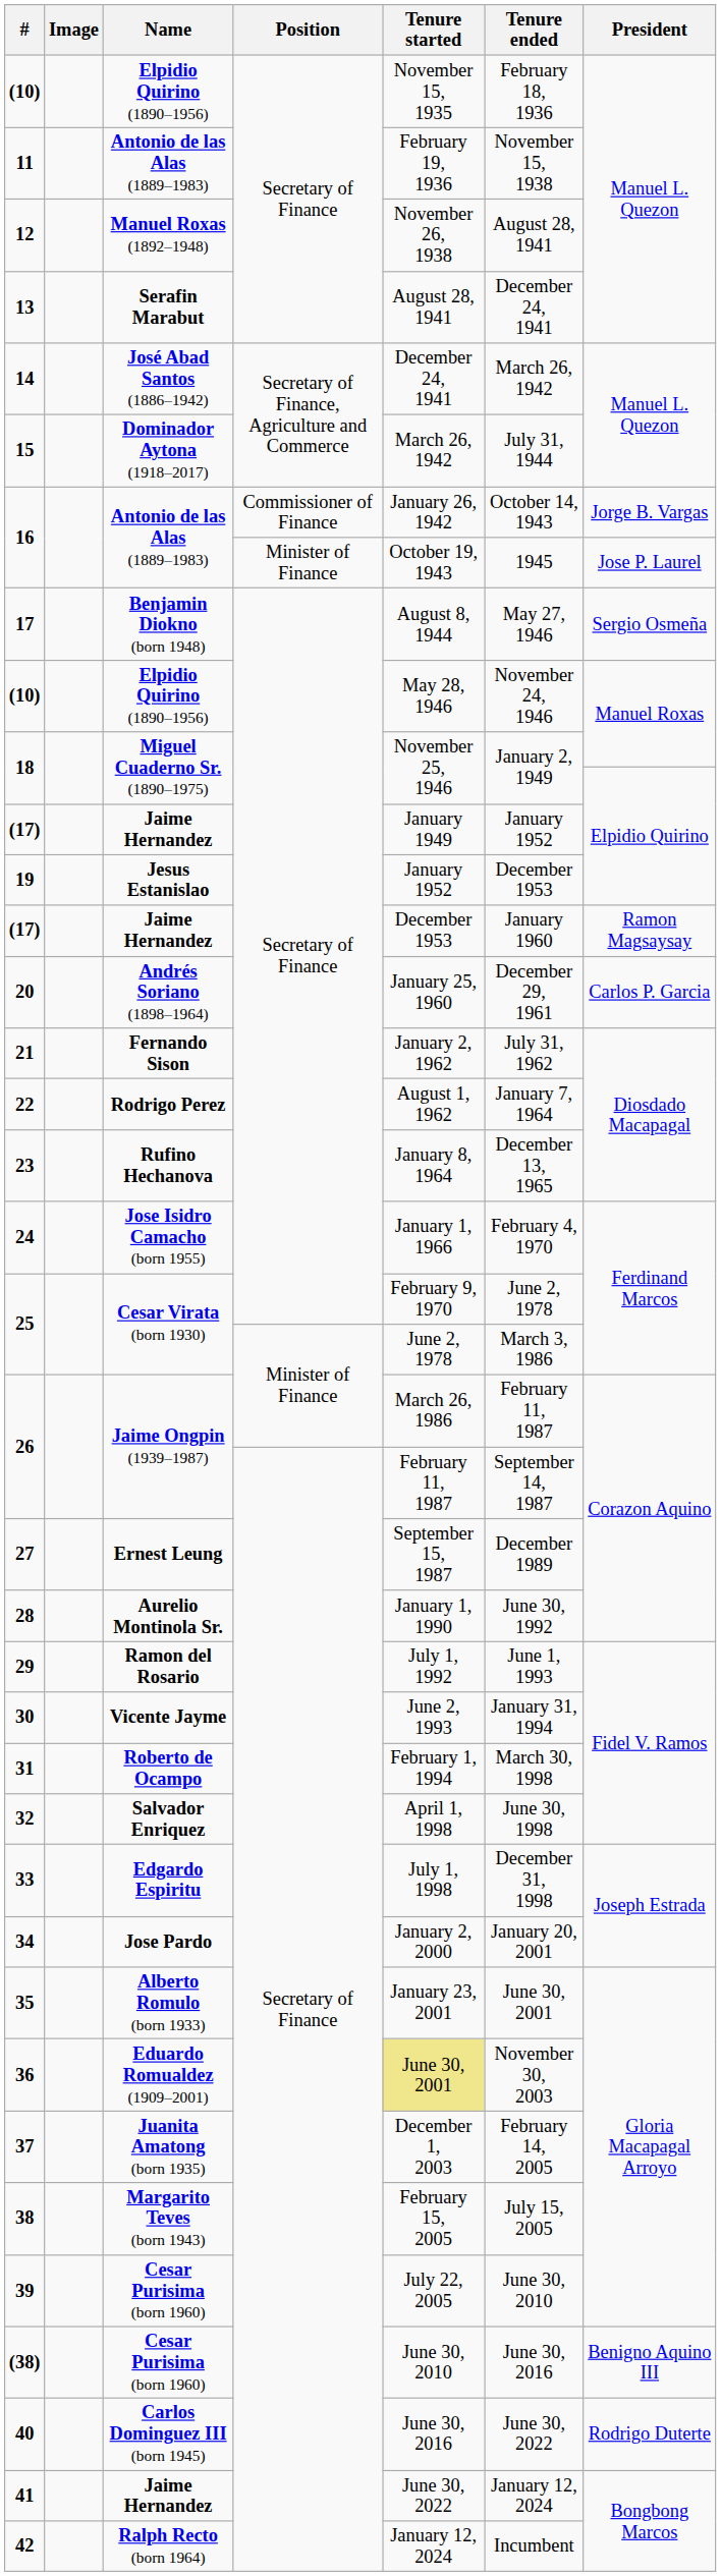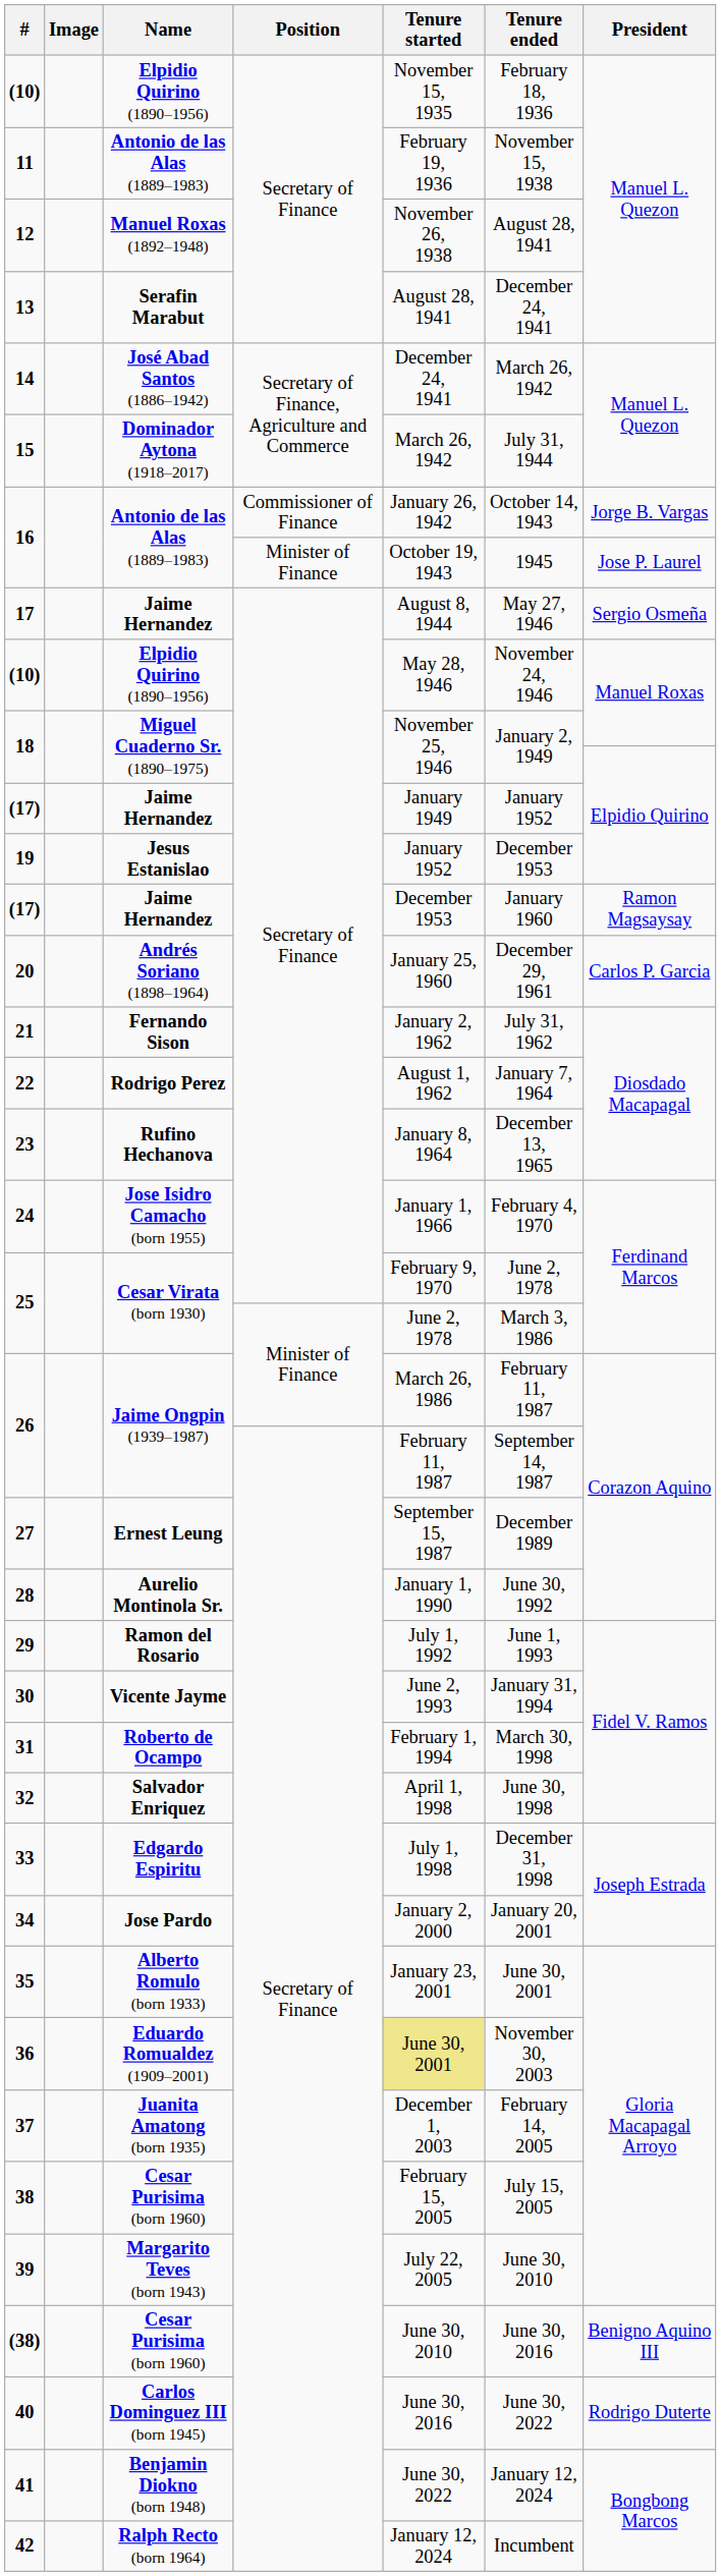 <table class="wikitable" style="text-align:center; border:1px #aaf solid;">
 <tr>
 <th>#</th>
 <th>Image</th>
 <th>Name</th>
 <th width=120px>Position</th>
 <th>Tenure started</th>
 <th>Tenure ended</th>
 <th>President</th>
 </tr>
 <tr>
 <td><strong>(10)</strong></td>
 <td></td>
 <td><strong><a href='#'>Elpidio Quirino</a></strong><br><small>(1890–1956)</small></td>
 <td rowspan="4">Secretary of Finance</td>
 <td>November 15,<br>1935</td>
 <td>February 18,<br>1936</td>
 <td rowspan="4"><a href='#'>Manuel L. Quezon</a></td>
 </tr>
 <tr>
 <td><strong>11</strong></td>
 <td></td>
 <td><strong><a href='#'>Antonio de las Alas</a></strong><br><small>(1889–1983)</small></td>
 <td>February 19,<br>1936</td>
 <td>November 15,<br>1938</td>
 </tr>
 <tr>
 <td><strong>12</strong></td>
 <td></td>
 <td><strong><a href='#'>Manuel Roxas</a></strong><br><small>(1892–1948)</small></td>
 <td>November 26,<br>1938</td>
 <td>August 28,<br>1941</td>
 </tr>
 <tr>
 <td><strong>13</strong></td>
 <td></td>
 <td><strong>Serafin Marabut</strong></td>
 <td>August 28,<br>1941</td>
 <td>December 24,<br>1941</td>
 </tr>
 <tr>
 <td><strong>14</strong></td>
 <td></td>
 <td><strong><a href='#'>José Abad Santos</a></strong><br><small>(1886–1942)</small><br></td>
 <td rowspan="2">Secretary of Finance, Agriculture and Commerce</td>
 <td>December 24,<br>1941</td>
 <td>March 26,<br>1942</td>
 <td rowspan="2"><a href='#'>Manuel L. Quezon</a></td>
 </tr>
 <tr>
 <td><strong>15</strong></td>
 <td></td>
 <td><strong><a href='#'>Dominador Aytona</a></strong><br><small>(1918–2017)</small></td>
 <td>March 26,<br>1942</td>
 <td>July 31,<br>1944</td>
 </tr>
 <tr>
 <td rowspan="2"><strong>16</strong></td>
 <td rowspan="2"></td>
 <td rowspan="2"><strong><a href='#'>Antonio de las Alas</a></strong><br><small>(1889–1983)</small><br></td>
 <td>Commissioner of Finance</td>
 <td>January 26,<br>1942</td>
 <td>October 14,<br>1943</td>
 <td><a href='#'>Jorge B. Vargas</a></td>
 </tr>
 <tr>
 <td>Minister of Finance</td>
 <td>October 19,<br>1943</td>
 <td>1945</td>
 <td><a href='#'>Jose P. Laurel</a></td>
 </tr>
 <tr style="height:30px;">
 <td><strong>17</strong></td>
 <td></td>
-<td><strong><a href='#'>Benjamin Diokno</a></strong><br><small>(born 1948)</small></td>
+<td><strong>Jaime Hernandez</strong></td>
 <td rowspan="14">Secretary of Finance</td>
 <td>August 8,<br>1944</td>
 <td>May 27,<br>1946</td>
 <td><a href='#'>Sergio Osmeña</a></td>
 </tr>
 <tr>
 <td><strong>(10)</strong></td>
 <td></td>
 <td><strong><a href='#'>Elpidio Quirino</a></strong><br><small>(1890–1956)</small></td>
 <td>May 28,<br>1946</td>
 <td>November 24,<br>1946</td>
 <td rowspan="2"><a href='#'>Manuel Roxas</a></td>
 </tr>
 <tr style="height:30px;">
 <td rowspan="2"><strong>18</strong></td>
 <td rowspan="2"></td>
 <td rowspan="2"><strong><a href='#'>Miguel Cuaderno Sr.</a></strong><br><small>(1890–1975)</small></td>
 <td rowspan="2">November 25,<br>1946</td>
 <td rowspan="2">January 2,<br>1949</td>
 </tr>
 <tr>
 <td rowspan="3"><a href='#'>Elpidio Quirino</a></td>
 </tr>
 <tr>
 <td><strong>(17)</strong></td>
 <td></td>
 <td><strong>Jaime Hernandez</strong></td>
 <td>January<br>1949</td>
 <td>January<br>1952</td>
 </tr>
 <tr>
 <td><strong>19</strong></td>
 <td></td>
 <td><strong>Jesus Estanislao</strong></td>
 <td>January<br>1952</td>
 <td>December<br>1953</td>
 </tr>
 <tr>
 <td rowspan="2"><strong>(17)</strong></td>
 <td rowspan="2"></td>
 <td rowspan="2"><strong>Jaime Hernandez</strong></td>
 <td rowspan="2">December<br>1953</td>
 <td rowspan="2">January<br>1960</td>
 <td><a href='#'>Ramon Magsaysay</a></td>
 </tr>
 <tr>
 <td rowspan="2"><a href='#'>Carlos P. Garcia</a></td>
 </tr>
 <tr>
 <td><strong>20</strong></td>
 <td></td>
 <td><strong><a href='#'>Andrés Soriano</a></strong><br><small>(1898–1964)</small><br></td>
 <td>January 25,<br>1960</td>
 <td>December 29,<br>1961</td>
 </tr>
 <tr>
 <td><strong>21</strong></td>
 <td></td>
 <td><strong>Fernando Sison</strong></td>
 <td>January 2,<br>1962</td>
 <td>July 31,<br>1962</td>
 <td rowspan="3"><a href='#'>Diosdado Macapagal</a></td>
 </tr>
 <tr>
 <td><strong>22</strong></td>
 <td></td>
 <td><strong>Rodrigo Perez</strong></td>
 <td>August 1,<br>1962</td>
 <td>January 7,<br>1964</td>
 </tr>
 <tr>
 <td><strong>23</strong></td>
 <td></td>
 <td><strong>Rufino Hechanova</strong></td>
 <td>January 8,<br>1964</td>
 <td>December 13,<br>1965</td>
 </tr>
 <tr>
 <td><strong>24</strong></td>
 <td></td>
 <td><strong><a href='#'>Jose Isidro Camacho</a></strong><br><small>(born 1955)</small></td>
 <td>January 1,<br>1966</td>
 <td>February 4,<br>1970</td>
 <td rowspan="3"><a href='#'>Ferdinand Marcos</a></td>
 </tr>
 <tr>
 <td rowspan="2"><strong>25</strong></td>
 <td rowspan="2"></td>
 <td rowspan="2"><strong><a href='#'>Cesar Virata</a></strong><br><small>(born 1930)</small></td>
 <td>February 9,<br>1970</td>
 <td>June 2,<br>1978</td>
 </tr>
 <tr>
 <td rowspan="2">Minister of Finance</td>
 <td>June 2,<br>1978</td>
 <td>March 3,<br>1986</td>
 </tr>
 <tr>
 <td rowspan="2"><strong>26</strong></td>
 <td rowspan="2"></td>
 <td rowspan="2"><strong><a href='#'>Jaime Ongpin</a></strong><br><small>(1939–1987)</small></td>
 <td>March 26,<br>1986</td>
 <td>February 11,<br>1987</td>
 <td rowspan="4"><a href='#'>Corazon Aquino</a></td>
 </tr>
 <tr>
 <td rowspan="18">Secretary of Finance</td>
 <td>February 11,<br>1987</td>
 <td>September 14,<br>1987</td>
 </tr>
 <tr>
 <td><strong>27</strong></td>
 <td></td>
 <td><strong>Ernest Leung</strong></td>
 <td>September 15,<br>1987</td>
 <td>December<br>1989</td>
 </tr>
 <tr>
 <td><strong>28</strong></td>
 <td></td>
 <td><strong>Aurelio Montinola Sr.</strong></td>
 <td>January 1,<br>1990</td>
 <td>June 30,<br>1992</td>
 </tr>
 <tr>
 <td><strong>29</strong></td>
 <td></td>
 <td><strong>Ramon del Rosario</strong></td>
 <td>July 1,<br>1992</td>
 <td>June 1,<br>1993</td>
 <td rowspan="4"><a href='#'>Fidel V. Ramos</a></td>
 </tr>
 <tr>
 <td><strong>30</strong></td>
 <td></td>
 <td><strong>Vicente Jayme</strong></td>
 <td>June 2,<br>1993</td>
 <td>January 31,<br>1994</td>
 </tr>
 <tr>
 <td><strong>31</strong></td>
 <td></td>
 <td><strong><a href='#'>Roberto de Ocampo</a></strong></td>
 <td>February 1,<br>1994</td>
 <td>March 30,<br>1998</td>
 </tr>
 <tr>
 <td><strong>32</strong></td>
 <td></td>
 <td><strong>Salvador Enriquez</strong></td>
 <td>April 1,<br>1998</td>
 <td>June 30,<br>1998</td>
 </tr>
 <tr style="height:30px;">
 <td><strong>33</strong></td>
 <td></td>
 <td><strong><a href='#'>Edgardo Espiritu</a></strong></td>
 <td>July 1,<br>1998</td>
 <td>December 31,<br>1998</td>
 <td rowspan="2"><a href='#'>Joseph Estrada</a></td>
 </tr>
 <tr>
 <td><strong>34</strong></td>
 <td></td>
 <td><strong>Jose Pardo</strong></td>
 <td>January 2,<br>2000</td>
 <td>January 20,<br>2001</td>
 </tr>
 <tr>
 <td><strong>35</strong></td>
 <td></td>
 <td><strong><a href='#'>Alberto Romulo</a></strong><br><small>(born 1933)</small></td>
 <td>January 23,<br>2001</td>
 <td>June 30,<br>2001</td>
 <td rowspan="5"><a href='#'>Gloria Macapagal Arroyo</a></td>
 </tr>
 <tr>
 <td><strong>36</strong></td>
 <td></td>
 <td><strong><a href='#'>Eduardo Romualdez</a></strong><br><small>(1909–2001)</small></td>
 <td style="background: khaki;">June 30,<br>2001</td>
 <td>November 30,<br>2003</td>
 </tr>
 <tr>
 <td><strong>37</strong></td>
 <td></td>
 <td><strong><a href='#'>Juanita Amatong</a></strong><br><small>(born 1935)</small></td>
 <td>December 1,<br>2003</td>
 <td>February 14,<br>2005</td>
 </tr>
 <tr>
 <td><strong>38</strong></td>
 <td></td>
-<td><strong><a href='#'>Margarito Teves</a></strong><br><small>(born 1943)</small></td>
+<td><strong><a href='#'>Cesar Purisima</a></strong><br><small>(born 1960)</small></td>
 <td>February 15,<br>2005</td>
 <td>July 15,<br>2005</td>
 </tr>
 <tr>
 <td><strong>39</strong></td>
 <td></td>
-<td><strong><a href='#'>Cesar Purisima</a></strong><br><small>(born 1960)</small></td>
+<td><strong><a href='#'>Margarito Teves</a></strong><br><small>(born 1943)</small></td>
 <td>July 22,<br>2005</td>
 <td>June 30,<br>2010</td>
 </tr>
 <tr>
 <td><strong>(38)</strong></td>
 <td></td>
 <td><strong><a href='#'>Cesar Purisima</a></strong><br><small>(born 1960)</small><br></td>
 <td>June 30,<br>2010</td>
 <td>June 30,<br>2016</td>
 <td><a href='#'>Benigno Aquino III</a></td>
 </tr>
 <tr>
 <td><strong>40</strong></td>
 <td></td>
 <td><strong><a href='#'>Carlos Dominguez III</a></strong><br><small>(born 1945)</small><br></td>
 <td>June 30,<br>2016</td>
 <td>June 30,<br>2022</td>
 <td><a href='#'>Rodrigo Duterte</a></td>
 </tr>
 <tr>
 <td><strong>41</strong></td>
 <td></td>
-<td><strong>Jaime Hernandez</strong></td>
+<td><strong><a href='#'>Benjamin Diokno</a></strong><br><small>(born 1948)</small></td>
 <td>June 30,<br>2022</td>
 <td>January 12,<br>2024</td>
 <td rowspan="2"><a href='#'>Bongbong Marcos</a></td>
 </tr>
 <tr>
 <td><strong>42</strong></td>
 <td></td>
 <td><strong><a href='#'>Ralph Recto</a></strong><br><small>(born 1964)</small><br></td>
 <td>January 12,<br>2024</td>
 <td>Incumbent</td>
 </tr>
 </table>
